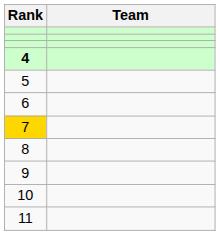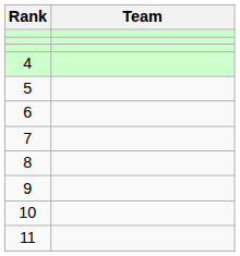 <table class=wikitable style="text-align:center;">
 <tr>
 <th>Rank</th>
 <th width=180>Team</th>
 </tr>
 <tr bgcolor=ccffcc>
 <td></td>
 <td align=left></td>
 </tr>
 <tr bgcolor=ccffcc>
 <td></td>
 <td align=left></td>
 </tr>
 <tr bgcolor=ccffcc>
 <td></td>
 <td align=left></td>
 </tr>
 <tr bgcolor=ccffcc>
-<td><strong>4</strong></td>
+<td>4</td>
 <td align=left></td>
 </tr>
 <tr>
 <td>5</td>
 <td align=left></td>
 </tr>
 <tr>
 <td>6</td>
 <td align=left></td>
 </tr>
 <tr>
-<td style="background: gold;">7</td>
+<td>7</td>
 <td align=left></td>
 </tr>
 <tr>
 <td>8</td>
 <td align=left></td>
 </tr>
 <tr>
 <td>9</td>
 <td align=left></td>
 </tr>
 <tr>
 <td>10</td>
 <td align=left></td>
 </tr>
 <tr>
 <td>11</td>
 <td align=left></td>
 </tr>
 </table>
